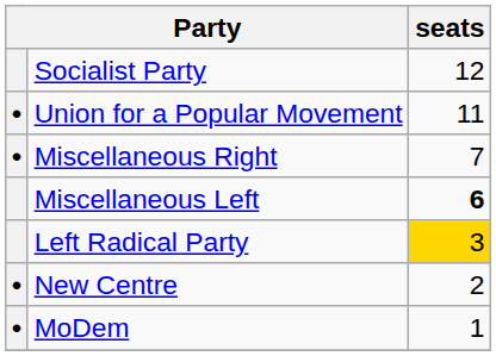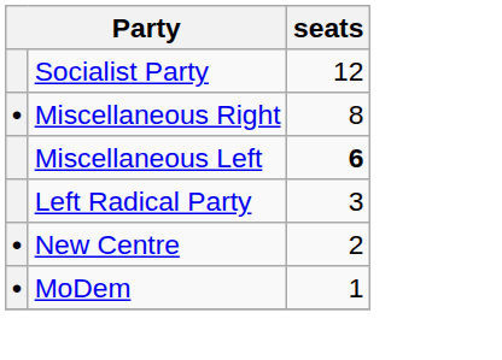 <table class="wikitable" style="font-size: 95%;">
 <tr>
 <th colspan=2>Party</th>
 <th>seats</th>
 </tr>
 <tr>
 <th style="background-color: "></th>
 <td><a href='#'>Socialist Party</a></td>
 <td align="right">12</td>
 </tr>
 <tr>
 <th style="background-color: "><span>•</span></th>
-<td><a href='#'>Union for a Popular Movement</a></td>
-<td align="right">11</td>
-</tr>
-<tr>
-<th style="background-color: "><span>•</span></th>
 <td><a href='#'>Miscellaneous Right</a></td>
-<td align="right">7</td>
+<td align="right">8</td>
 </tr>
 <tr>
 <th style="background-color: "></th>
 <td><a href='#'>Miscellaneous Left</a></td>
 <td align="right"><strong>6</strong></td>
 </tr>
 <tr>
 <th style="background-color: "></th>
 <td><a href='#'>Left Radical Party</a></td>
-<td align="right" style="background: gold;">3</td>
+<td align="right">3</td>
 </tr>
 <tr>
 <th style="background-color: "><span>•</span></th>
 <td><a href='#'>New Centre</a></td>
 <td align="right">2</td>
 </tr>
 <tr>
 <th style="background-color: "><span>•</span></th>
 <td><a href='#'>MoDem</a></td>
 <td align="right">1</td>
 </tr>
 <tr>
 </tr>
 </table>
